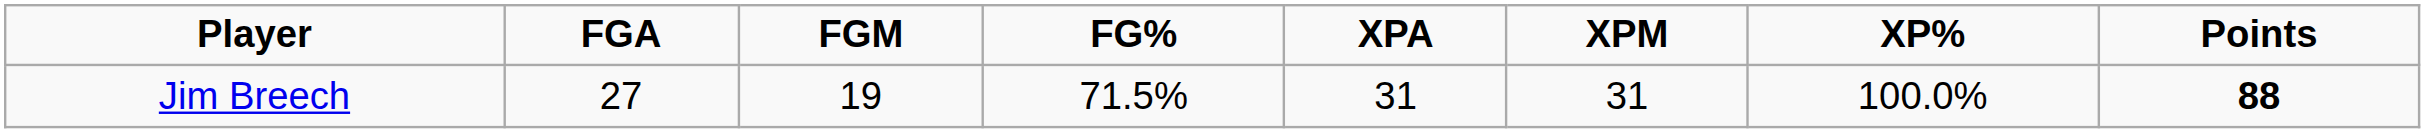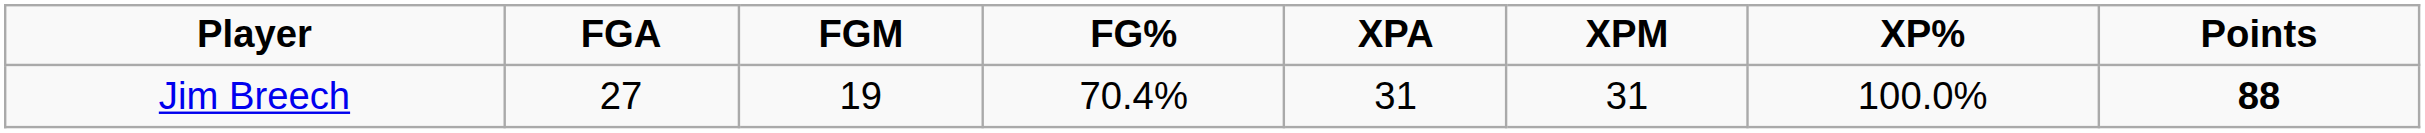 <table class="wikitable" width="80%">
 <tr align="center">
 <td><strong>Player</strong></td>
 <td><strong>FGA</strong></td>
 <td><strong>FGM</strong></td>
 <td><strong>FG%</strong></td>
 <td><strong>XPA</strong></td>
 <td><strong>XPM</strong></td>
 <td><strong>XP%</strong></td>
 <td><strong>Points</strong></td>
 </tr>
 <tr align="center" bgcolor="">
 <td><a href='#'>Jim Breech</a></td>
 <td>27</td>
 <td>19</td>
-<td>71.5%</td>
+<td>70.4%</td>
 <td>31</td>
 <td>31</td>
 <td>100.0%</td>
 <td><strong>88</strong></td>
 </tr>
 </table>
